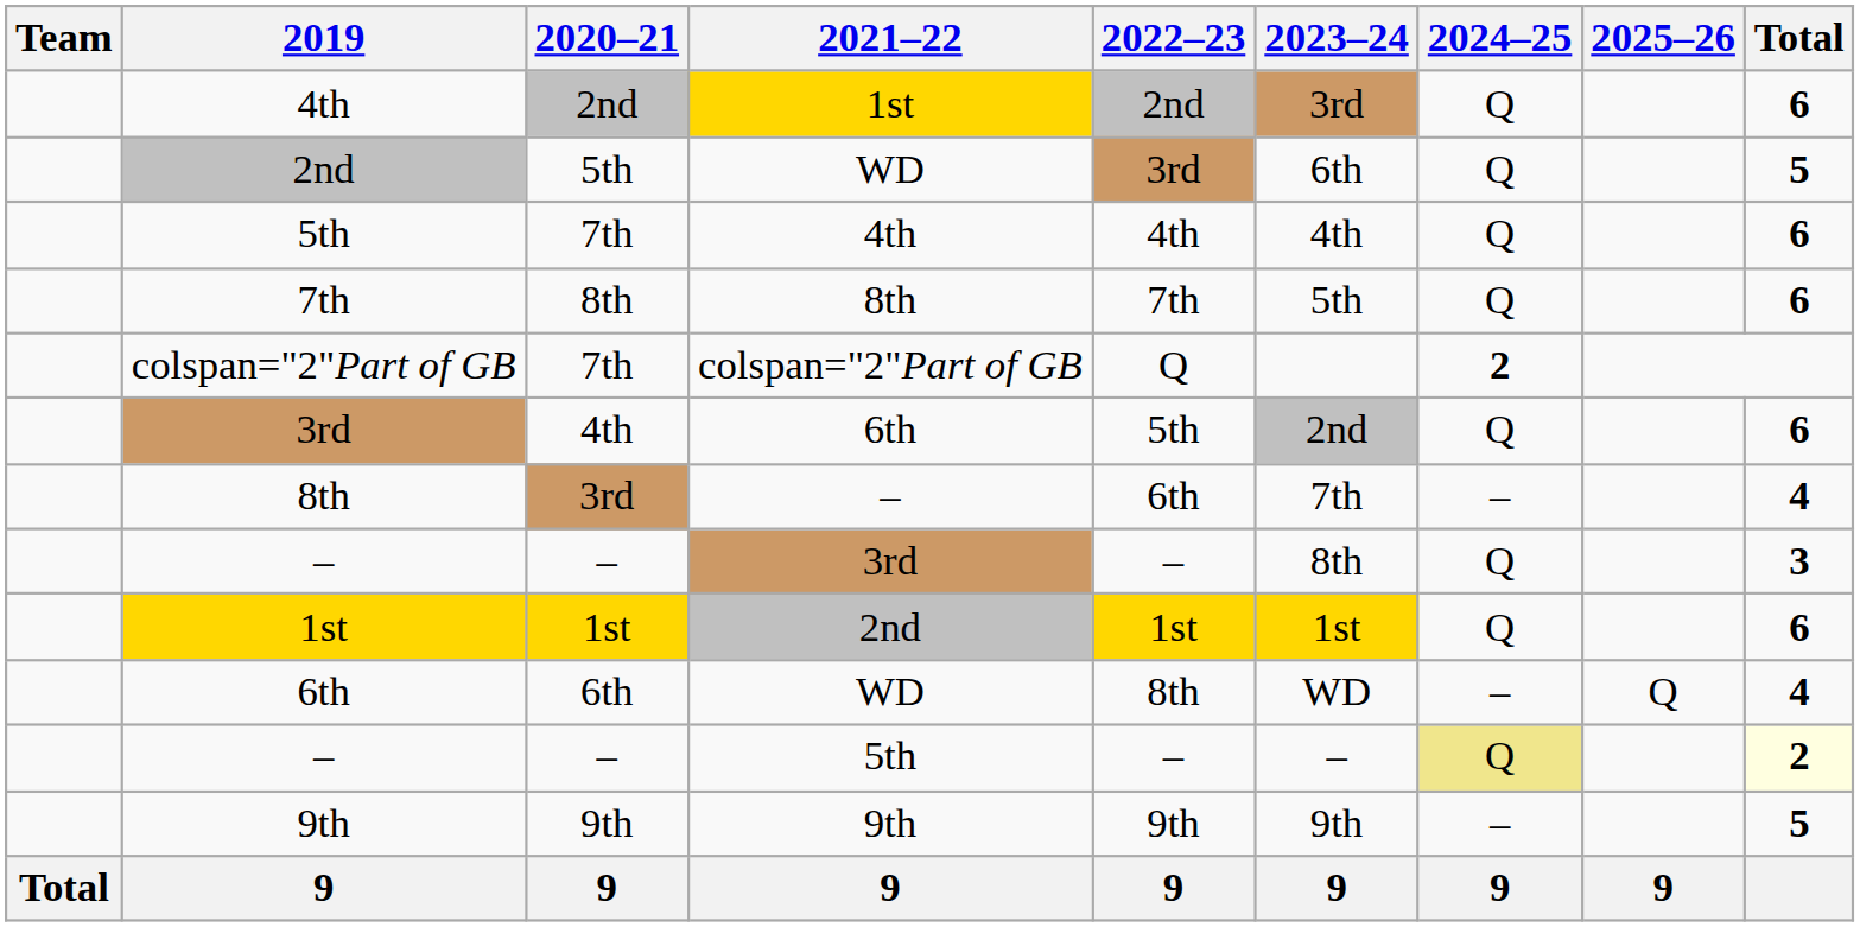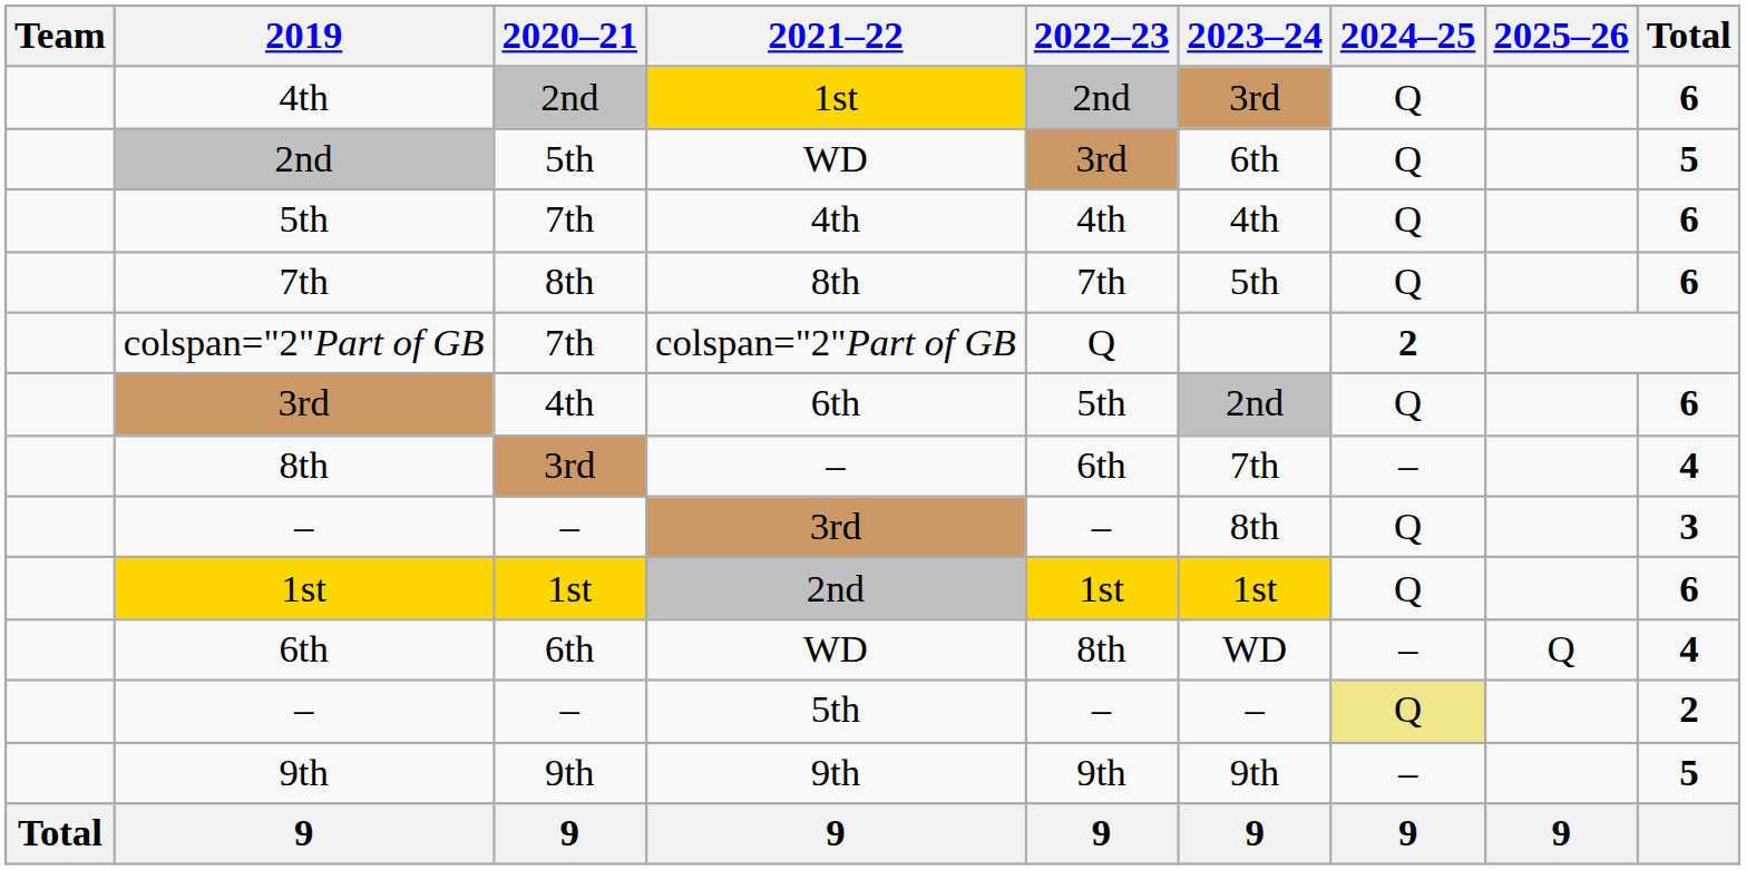 <table class=wikitable style="text-align:center">
 <tr>
 <th>Team</th>
 <th><a href='#'>2019</a></th>
 <th><a href='#'>2020–21</a></th>
 <th><a href='#'>2021–22</a></th>
 <th><a href='#'>2022–23</a></th>
 <th><a href='#'>2023–24</a></th>
 <th><a href='#'>2024–25</a></th>
 <th><a href='#'>2025–26</a></th>
 <th>Total</th>
 </tr>
 <tr>
 <td align=left></td>
 <td>4th</td>
 <td bgcolor=silver>2nd</td>
 <td bgcolor=gold>1st</td>
 <td bgcolor=silver>2nd</td>
 <td bgcolor=cc9966>3rd</td>
 <td>Q</td>
 <td></td>
 <td><strong>6</strong></td>
 </tr>
 <tr>
 <td align=left></td>
 <td bgcolor=silver>2nd</td>
 <td>5th</td>
 <td>WD</td>
 <td bgcolor=cc9966>3rd</td>
 <td>6th</td>
 <td>Q</td>
 <td></td>
 <td><strong>5</strong></td>
 </tr>
 <tr>
 <td align=left></td>
 <td>5th</td>
 <td>7th</td>
 <td>4th</td>
 <td>4th</td>
 <td>4th</td>
 <td>Q</td>
 <td></td>
 <td><strong>6</strong></td>
 </tr>
 <tr>
 <td align=left></td>
 <td>7th</td>
 <td>8th</td>
 <td>8th</td>
 <td>7th</td>
 <td>5th</td>
 <td>Q</td>
 <td></td>
 <td><strong>6</strong></td>
 </tr>
 <tr>
 <td align=left></td>
 <td>colspan="2"<em>Part of GB</em></td>
 <td>7th</td>
 <td>colspan="2"<em>Part of GB</em></td>
 <td>Q</td>
 <td></td>
 <td><strong>2</strong></td>
 </tr>
 <tr>
 <td align=left></td>
 <td bgcolor=cc9966>3rd</td>
 <td>4th</td>
 <td>6th</td>
 <td>5th</td>
 <td bgcolor=silver>2nd</td>
 <td>Q</td>
 <td></td>
 <td><strong>6</strong></td>
 </tr>
 <tr>
 <td align=left></td>
 <td>8th</td>
 <td bgcolor=cc9966>3rd</td>
 <td>–</td>
 <td>6th</td>
 <td>7th</td>
 <td>–</td>
 <td></td>
 <td><strong>4</strong></td>
 </tr>
 <tr>
 <td align=left></td>
 <td>–</td>
 <td>–</td>
 <td bgcolor=cc9966>3rd</td>
 <td>–</td>
 <td>8th</td>
 <td>Q</td>
 <td></td>
 <td><strong>3</strong></td>
 </tr>
 <tr>
 <td align=left></td>
 <td bgcolor=gold>1st</td>
 <td bgcolor=gold>1st</td>
 <td bgcolor=silver>2nd</td>
 <td bgcolor=gold>1st</td>
 <td bgcolor=gold>1st</td>
 <td>Q</td>
 <td></td>
 <td><strong>6</strong></td>
 </tr>
 <tr>
 <td align=left></td>
 <td>6th</td>
 <td>6th</td>
 <td>WD</td>
 <td>8th</td>
 <td>WD</td>
 <td>–</td>
 <td>Q</td>
 <td><strong>4</strong></td>
 </tr>
 <tr>
 <td align=left></td>
 <td>–</td>
 <td>–</td>
 <td>5th</td>
 <td>–</td>
 <td>–</td>
 <td style="background: khaki;">Q</td>
 <td></td>
-<td style="background: lightyellow;"><strong>2</strong></td>
+<td><strong>2</strong></td>
 </tr>
 <tr>
 <td align=left></td>
 <td>9th</td>
 <td>9th</td>
 <td>9th</td>
 <td>9th</td>
 <td>9th </td>
 <td>–</td>
 <td></td>
 <td><strong>5</strong></td>
 </tr>
 <tr>
 <th>Total</th>
 <th>9</th>
 <th>9</th>
 <th>9</th>
 <th>9</th>
 <th>9</th>
 <th>9</th>
 <th>9</th>
 <th></th>
 </tr>
 </table>
